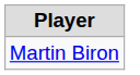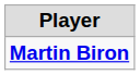 <table class="wikitable">
 <tr style="text-align:center; background:#ddd;">
 <td><strong>Player</strong></td>
 </tr>
 <tr>
-<td><a href='#'>Martin Biron</a></td>
+<td><strong><a href='#'>Martin Biron</a></strong></td>
 </tr>
 </table>
